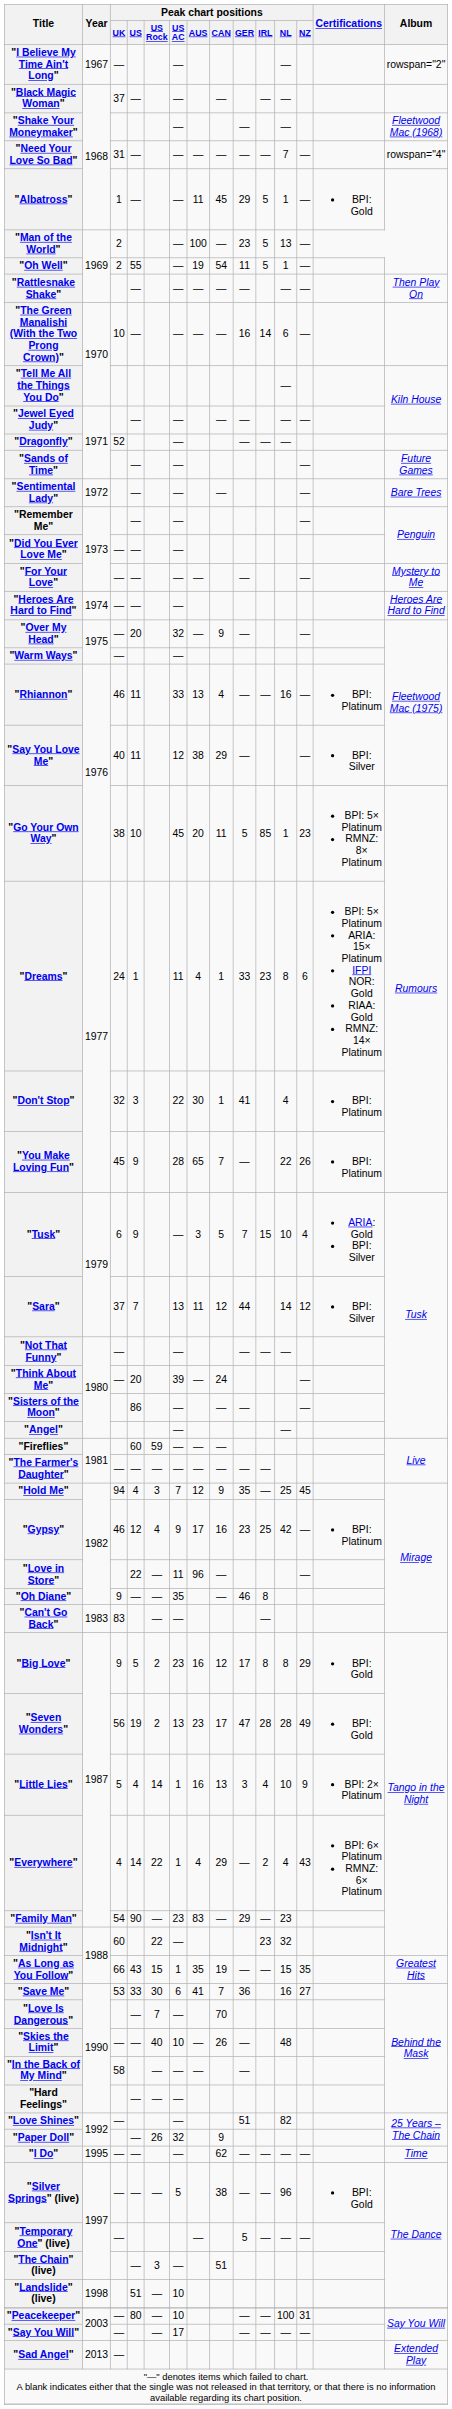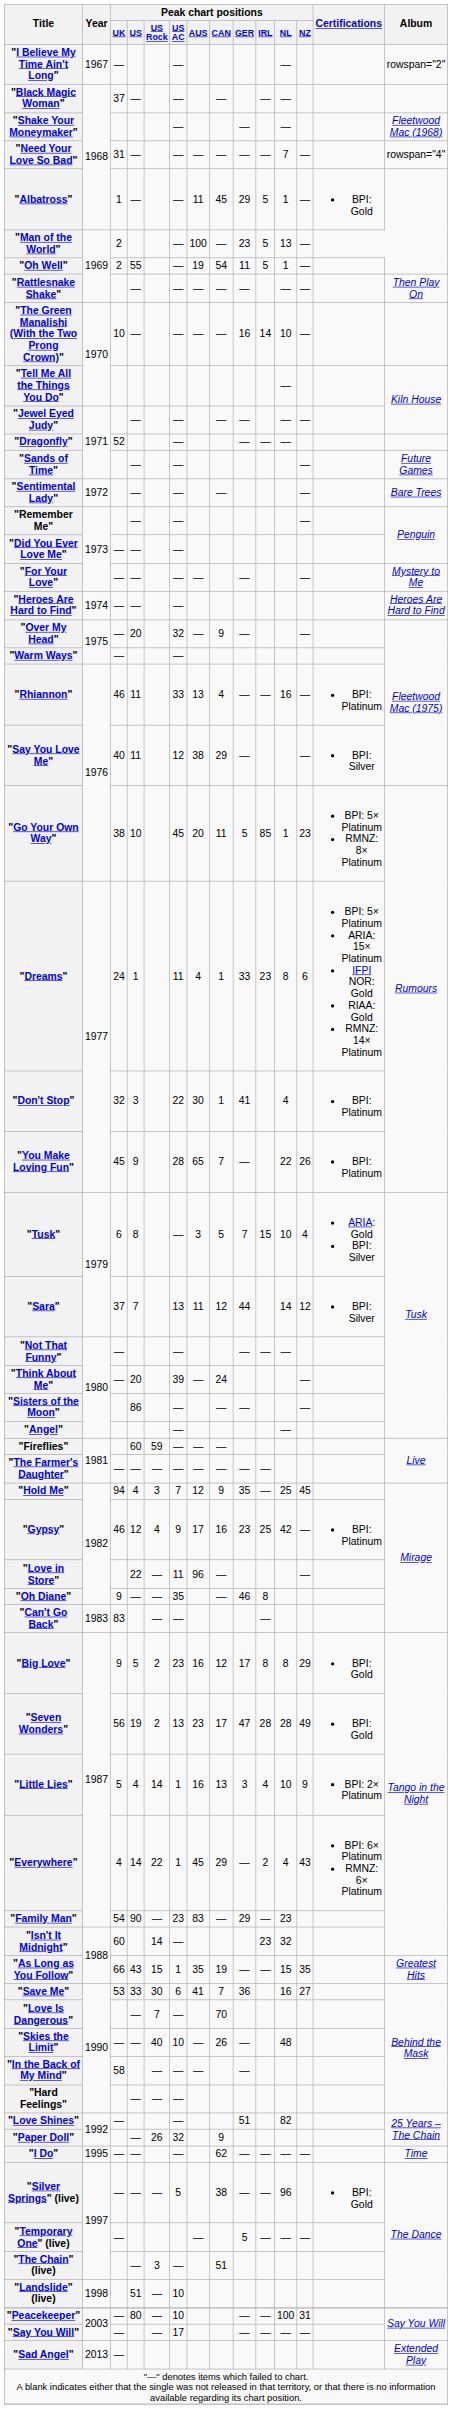 <table class="wikitable plainrowheaders" style="text-align:center;">
 <tr>
 <th scope="col" rowspan="2" style="width:18em;">Title</th>
 <th scope="col" rowspan="2" style="width:2em;">Year</th>
 <th scope="col" colspan="10">Peak chart positions</th>
 <th scope="col" rowspan="2"><a href='#'>Certifications</a></th>
 <th scope="col" rowspan="2" style="width:15em;">Album</th>
 </tr>
 <tr>
 <th scope="col" style="width:2.5em; font-size:85%;"><a href='#'>UK</a><br></th>
 <th scope="col" style="width:2.5em; font-size:85%;"><a href='#'>US</a><br></th>
 <th scope="col" style="width:2.5em; font-size:85%;"><a href='#'>US Rock</a><br></th>
 <th scope="col" style="width:2.5em; font-size:85%;"><a href='#'>US AC</a><br></th>
 <th scope="col" style="width:2.5em; font-size:85%;"><a href='#'>AUS</a><br></th>
 <th scope="col" style="width:2.5em; font-size:85%;"><a href='#'>CAN</a><br></th>
 <th scope="col" style="width:2.5em; font-size:85%;"><a href='#'>GER</a><br></th>
 <th scope="col" style="width:2.5em; font-size:85%;"><a href='#'>IRL</a><br></th>
 <th scope="col" style="width:2.5em;font-size:85%;"><a href='#'>NL</a><br></th>
 <th scope="col" style="width:2.5em;font-size:85%;"><a href='#'>NZ</a><br></th>
 </tr>
 <tr>
 <th scope="row">"<a href='#'>I Believe My Time Ain't Long</a>"</th>
 <td>1967</td>
 <td>—</td>
 <td></td>
 <td></td>
 <td>—</td>
 <td></td>
 <td></td>
 <td></td>
 <td></td>
 <td>—</td>
 <td></td>
 <td></td>
 <td>rowspan="2" </td>
 </tr>
 <tr>
 <th scope="row">"<a href='#'>Black Magic Woman</a>"</th>
 <td rowspan="4">1968</td>
 <td>37</td>
 <td>—</td>
 <td></td>
 <td>—</td>
 <td></td>
 <td>—</td>
 <td></td>
 <td>—</td>
 <td>—</td>
 <td></td>
 <td></td>
 </tr>
 <tr>
 <th scope="row">"<a href='#'>Shake Your Moneymaker</a>"</th>
 <td></td>
 <td></td>
 <td></td>
 <td>—</td>
 <td></td>
 <td></td>
 <td>—</td>
 <td></td>
 <td>—</td>
 <td></td>
 <td></td>
 <td><em><a href='#'>Fleetwood Mac (1968)</a></em></td>
 </tr>
 <tr>
 <th scope="row">"<a href='#'>Need Your Love So Bad</a>"</th>
 <td>31</td>
 <td>—</td>
 <td></td>
 <td>—</td>
 <td>—</td>
 <td>—</td>
 <td>—</td>
 <td>—</td>
 <td>7</td>
 <td>—</td>
 <td></td>
 <td>rowspan="4" </td>
 </tr>
 <tr>
 <th scope="row">"<a href='#'>Albatross</a>"</th>
 <td>1</td>
 <td>—</td>
 <td></td>
 <td>—</td>
 <td>11</td>
 <td>45</td>
 <td>29</td>
 <td>5</td>
 <td>1</td>
 <td>—</td>
 <td><br><ul><li>BPI: Gold</li></ul></td>
 </tr>
 <tr>
 <th scope="row">"<a href='#'>Man of the World</a>"</th>
 <td rowspan="3">1969</td>
 <td>2</td>
 <td></td>
 <td></td>
 <td>—</td>
 <td>100</td>
 <td>—</td>
 <td>23</td>
 <td>5</td>
 <td>13</td>
 <td>—</td>
 </tr>
 <tr>
 <th scope="row">"<a href='#'>Oh Well</a>"</th>
 <td>2</td>
 <td>55</td>
 <td></td>
 <td>—</td>
 <td>19</td>
 <td>54</td>
 <td>11</td>
 <td>5</td>
 <td>1</td>
 <td>—</td>
 <td></td>
 </tr>
 <tr>
 <th scope="row">"<a href='#'>Rattlesnake Shake</a>"</th>
 <td></td>
 <td>—</td>
 <td></td>
 <td>—</td>
 <td>—</td>
 <td>—</td>
 <td>—</td>
 <td></td>
 <td>—</td>
 <td>—</td>
 <td></td>
 <td><em><a href='#'>Then Play On</a></em></td>
 </tr>
 <tr>
 <th scope="row">"<a href='#'>The Green Manalishi (With the Two Prong Crown)</a>"</th>
 <td rowspan="2">1970</td>
 <td>10</td>
 <td>—</td>
 <td></td>
 <td>—</td>
 <td>—</td>
 <td>—</td>
 <td>16</td>
 <td>14</td>
-<td>6</td>
+<td>10</td>
 <td>—</td>
 <td></td>
 <td></td>
 </tr>
 <tr>
 <th scope="row">"<a href='#'>Tell Me All the Things You Do</a>"</th>
 <td></td>
 <td></td>
 <td></td>
 <td></td>
 <td></td>
 <td></td>
 <td></td>
 <td></td>
 <td>—</td>
 <td></td>
 <td></td>
 <td rowspan="2"><em><a href='#'>Kiln House</a></em></td>
 </tr>
 <tr>
 <th scope="row">"<a href='#'>Jewel Eyed Judy</a>"</th>
 <td rowspan="3">1971</td>
 <td></td>
 <td>—</td>
 <td></td>
 <td>—</td>
 <td></td>
 <td>—</td>
 <td>—</td>
 <td></td>
 <td>—</td>
 <td>—</td>
 <td></td>
 </tr>
 <tr>
 <th scope="row">"<a href='#'>Dragonfly</a>"</th>
 <td>52</td>
 <td></td>
 <td></td>
 <td>—</td>
 <td></td>
 <td></td>
 <td>—</td>
 <td>—</td>
 <td>—</td>
 <td></td>
 <td></td>
 <td></td>
 </tr>
 <tr>
 <th scope="row">"<a href='#'>Sands of Time</a>"</th>
 <td></td>
 <td>—</td>
 <td></td>
 <td>—</td>
 <td></td>
 <td></td>
 <td></td>
 <td></td>
 <td></td>
 <td>—</td>
 <td></td>
 <td><em><a href='#'>Future Games</a></em></td>
 </tr>
 <tr>
 <th scope="row">"<a href='#'>Sentimental Lady</a>"</th>
 <td rowspan="1">1972</td>
 <td></td>
 <td>—</td>
 <td></td>
 <td>—</td>
 <td></td>
 <td>—</td>
 <td></td>
 <td></td>
 <td></td>
 <td>—</td>
 <td></td>
 <td rowspan="1"><em><a href='#'>Bare Trees</a></em></td>
 </tr>
 <tr>
 <th scope="row">"Remember Me"</th>
 <td rowspan="3">1973</td>
 <td></td>
 <td>—</td>
 <td></td>
 <td>—</td>
 <td></td>
 <td></td>
 <td></td>
 <td></td>
 <td></td>
 <td>—</td>
 <td></td>
 <td rowspan="2"><em><a href='#'>Penguin</a></em></td>
 </tr>
 <tr>
 <th scope="row">"<a href='#'>Did You Ever Love Me</a>"</th>
 <td>—</td>
 <td>—</td>
 <td></td>
 <td>—</td>
 <td></td>
 <td></td>
 <td></td>
 <td></td>
 <td></td>
 <td></td>
 <td></td>
 </tr>
 <tr>
 <th scope="row">"<a href='#'>For Your Love</a>"</th>
 <td>—</td>
 <td>—</td>
 <td></td>
 <td>—</td>
 <td>—</td>
 <td></td>
 <td>—</td>
 <td></td>
 <td></td>
 <td>—</td>
 <td></td>
 <td><em><a href='#'>Mystery to Me</a></em></td>
 </tr>
 <tr>
 <th scope="row">"<a href='#'>Heroes Are Hard to Find</a>"</th>
 <td>1974</td>
 <td>—</td>
 <td>—</td>
 <td></td>
 <td>—</td>
 <td></td>
 <td></td>
 <td></td>
 <td></td>
 <td></td>
 <td></td>
 <td></td>
 <td><em><a href='#'>Heroes Are Hard to Find</a></em></td>
 </tr>
 <tr>
 <th scope="row">"<a href='#'>Over My Head</a>"</th>
 <td rowspan="2">1975</td>
 <td>—</td>
 <td>20</td>
 <td></td>
 <td>32</td>
 <td>—</td>
 <td>9</td>
 <td>—</td>
 <td></td>
 <td></td>
 <td>—</td>
 <td></td>
 <td rowspan="4"><em><a href='#'>Fleetwood Mac (1975)</a></em></td>
 </tr>
 <tr>
 <th scope="row">"<a href='#'>Warm Ways</a>"</th>
 <td>—</td>
 <td></td>
 <td></td>
 <td>—</td>
 <td></td>
 <td></td>
 <td></td>
 <td></td>
 <td></td>
 <td></td>
 <td></td>
 </tr>
 <tr>
 <th scope="row">"<a href='#'>Rhiannon</a>"</th>
 <td rowspan="3">1976</td>
 <td>46</td>
 <td>11</td>
 <td></td>
 <td>33</td>
 <td>13</td>
 <td>4</td>
 <td>—</td>
 <td>—</td>
 <td>16</td>
 <td>—</td>
 <td><br><ul><li>BPI: Platinum</li></ul></td>
 </tr>
 <tr>
 <th scope="row">"<a href='#'>Say You Love Me</a>"</th>
 <td>40</td>
 <td>11</td>
 <td></td>
 <td>12</td>
 <td>38</td>
 <td>29</td>
 <td>—</td>
 <td></td>
 <td></td>
 <td>—</td>
 <td><br><ul><li>BPI: Silver</li></ul></td>
 </tr>
 <tr>
 <th scope="row">"<a href='#'>Go Your Own Way</a>"</th>
 <td>38</td>
 <td>10</td>
 <td></td>
 <td>45</td>
 <td>20</td>
 <td>11</td>
 <td>5</td>
 <td>85</td>
 <td>1</td>
 <td>23</td>
 <td><br><ul><li>BPI: 5× Platinum</li><li>RMNZ: 8× Platinum</li></ul></td>
 <td rowspan="4"><em><a href='#'>Rumours</a></em></td>
 </tr>
 <tr>
 <th scope="row">"<a href='#'>Dreams</a>"</th>
 <td rowspan="3">1977</td>
 <td>24</td>
 <td>1</td>
 <td></td>
 <td>11</td>
 <td>4</td>
 <td>1</td>
 <td>33</td>
 <td>23</td>
 <td>8</td>
 <td>6</td>
 <td><br><ul><li>BPI: 5× Platinum</li><li>ARIA: 15× Platinum</li><li><a href='#'>IFPI</a> NOR: Gold</li><li>RIAA: Gold</li><li>RMNZ: 14× Platinum</li></ul></td>
 </tr>
 <tr>
 <th scope="row">"<a href='#'>Don't Stop</a>"</th>
 <td>32</td>
 <td>3</td>
 <td></td>
 <td>22</td>
 <td>30</td>
 <td>1</td>
 <td>41</td>
 <td></td>
 <td>4</td>
 <td></td>
 <td><br><ul><li>BPI: Platinum</li></ul></td>
 </tr>
 <tr>
 <th scope="row">"<a href='#'>You Make Loving Fun</a>"</th>
 <td>45</td>
 <td>9</td>
 <td></td>
 <td>28</td>
 <td>65</td>
 <td>7</td>
 <td>—</td>
 <td></td>
 <td>22</td>
 <td>26</td>
 <td><br><ul><li>BPI: Platinum</li></ul></td>
 </tr>
 <tr>
 <th scope="row">"<a href='#'>Tusk</a>"</th>
 <td rowspan="2">1979</td>
 <td>6</td>
-<td>9</td>
+<td>8</td>
 <td></td>
 <td>—</td>
 <td>3</td>
 <td>5</td>
 <td>7</td>
 <td>15</td>
 <td>10</td>
 <td>4</td>
 <td><br><ul><li><a href='#'>ARIA</a>: Gold</li><li>BPI: Silver</li></ul></td>
 <td rowspan="6"><em><a href='#'>Tusk</a></em></td>
 </tr>
 <tr>
 <th scope="row">"<a href='#'>Sara</a>"</th>
 <td>37</td>
 <td>7</td>
 <td></td>
 <td>13</td>
 <td>11</td>
 <td>12</td>
 <td>44</td>
 <td></td>
 <td>14</td>
 <td>12</td>
 <td><br><ul><li>BPI: Silver</li></ul></td>
 </tr>
 <tr>
 <th scope="row">"<a href='#'>Not That Funny</a>"</th>
 <td rowspan="4">1980</td>
 <td>—</td>
 <td></td>
 <td></td>
 <td>—</td>
 <td></td>
 <td></td>
 <td>—</td>
 <td>—</td>
 <td>—</td>
 <td></td>
 <td></td>
 </tr>
 <tr>
 <th scope="row">"<a href='#'>Think About Me</a>"</th>
 <td>—</td>
 <td>20</td>
 <td></td>
 <td>39</td>
 <td>—</td>
 <td>24</td>
 <td></td>
 <td></td>
 <td></td>
 <td>—</td>
 <td></td>
 </tr>
 <tr>
 <th scope="row">"<a href='#'>Sisters of the Moon</a>"</th>
 <td></td>
 <td>86</td>
 <td></td>
 <td>—</td>
 <td></td>
 <td>—</td>
 <td>—</td>
 <td></td>
 <td></td>
 <td>—</td>
 <td></td>
 </tr>
 <tr>
 <th scope="row">"<a href='#'>Angel</a>"</th>
 <td></td>
 <td></td>
 <td></td>
 <td>—</td>
 <td></td>
 <td></td>
 <td></td>
 <td></td>
 <td>—</td>
 <td></td>
 <td></td>
 </tr>
 <tr>
 <th scope="row">"Fireflies"</th>
 <td rowspan="2">1981</td>
 <td></td>
 <td>60</td>
 <td>59</td>
 <td>—</td>
 <td>—</td>
 <td>—</td>
 <td></td>
 <td></td>
 <td></td>
 <td></td>
 <td></td>
 <td rowspan="2"><em><a href='#'>Live</a></em></td>
 </tr>
 <tr>
 <th scope="row">"<a href='#'>The Farmer's Daughter</a>"</th>
 <td>—</td>
 <td>—</td>
 <td>—</td>
 <td>—</td>
 <td>—</td>
 <td>—</td>
 <td>—</td>
 <td>—</td>
 <td></td>
 <td></td>
 <td></td>
 </tr>
 <tr>
 <th scope="row">"<a href='#'>Hold Me</a>"</th>
 <td rowspan="4">1982</td>
 <td>94</td>
 <td>4</td>
 <td>3</td>
 <td>7</td>
 <td>12</td>
 <td>9</td>
 <td>35</td>
 <td>—</td>
 <td>25</td>
 <td>45</td>
 <td></td>
 <td rowspan="5"><em><a href='#'>Mirage</a></em></td>
 </tr>
 <tr>
 <th scope="row">"<a href='#'>Gypsy</a>"</th>
 <td>46</td>
 <td>12</td>
 <td>4</td>
 <td>9</td>
 <td>17</td>
 <td>16</td>
 <td>23</td>
 <td>25</td>
 <td>42</td>
 <td>—</td>
 <td><br><ul><li>BPI: Platinum</li></ul></td>
 </tr>
 <tr>
 <th scope="row">"<a href='#'>Love in Store</a>"</th>
 <td></td>
 <td>22</td>
 <td>—</td>
 <td>11</td>
 <td>96</td>
 <td>—</td>
 <td></td>
 <td></td>
 <td></td>
 <td>—</td>
 <td></td>
 </tr>
 <tr>
 <th scope="row">"<a href='#'>Oh Diane</a>"</th>
 <td>9</td>
 <td>—</td>
 <td>—</td>
 <td>35</td>
 <td></td>
 <td>—</td>
 <td>46</td>
 <td>8</td>
 <td></td>
 <td></td>
 <td></td>
 </tr>
 <tr>
 <th scope="row">"<a href='#'>Can't Go Back</a>"</th>
 <td>1983</td>
 <td>83</td>
 <td></td>
 <td>—</td>
 <td>—</td>
 <td></td>
 <td></td>
 <td></td>
 <td>—</td>
 <td></td>
 <td></td>
 <td></td>
 </tr>
 <tr>
 <th scope="row">"<a href='#'>Big Love</a>"</th>
 <td rowspan="5">1987</td>
 <td>9</td>
 <td>5</td>
 <td>2</td>
 <td>23</td>
 <td>16</td>
 <td>12</td>
 <td>17</td>
 <td>8</td>
 <td>8</td>
 <td>29</td>
 <td><br><ul><li>BPI: Gold</li></ul></td>
 <td rowspan="6"><em><a href='#'>Tango in the Night</a></em></td>
 </tr>
 <tr>
 <th scope="row">"<a href='#'>Seven Wonders</a>"</th>
 <td>56</td>
 <td>19</td>
 <td>2</td>
 <td>13</td>
 <td>23</td>
 <td>17</td>
 <td>47</td>
 <td>28</td>
 <td>28</td>
 <td>49</td>
 <td><br><ul><li>BPI: Gold</li></ul></td>
 </tr>
 <tr>
 <th scope="row">"<a href='#'>Little Lies</a>"</th>
 <td>5</td>
 <td>4</td>
 <td>14</td>
 <td>1</td>
 <td>16</td>
 <td>13</td>
 <td>3</td>
 <td>4</td>
 <td>10</td>
 <td>9</td>
 <td><br><ul><li>BPI: 2× Platinum</li></ul></td>
 </tr>
 <tr>
 <th scope="row">"<a href='#'>Everywhere</a>"</th>
 <td>4</td>
 <td>14</td>
 <td>22</td>
 <td>1</td>
-<td>4</td>
+<td>45</td>
 <td>29</td>
 <td>—</td>
 <td>2</td>
 <td>4</td>
 <td>43</td>
 <td><br><ul><li>BPI: 6× Platinum</li><li>RMNZ: 6× Platinum</li></ul></td>
 </tr>
 <tr>
 <th scope="row">"<a href='#'>Family Man</a>"</th>
 <td>54</td>
 <td>90</td>
 <td>—</td>
 <td>23</td>
 <td>83</td>
 <td>—</td>
 <td>29</td>
 <td>—</td>
 <td>23</td>
 <td></td>
 <td></td>
 </tr>
 <tr>
 <th scope="row">"<a href='#'>Isn't It Midnight</a>"</th>
 <td rowspan="2">1988</td>
 <td>60</td>
 <td></td>
-<td>22</td>
+<td>14</td>
 <td>—</td>
 <td></td>
 <td></td>
 <td></td>
 <td>23</td>
 <td>32</td>
 <td></td>
 <td></td>
 </tr>
 <tr>
 <th scope="row">"<a href='#'>As Long as You Follow</a>"</th>
 <td>66</td>
 <td>43</td>
 <td>15</td>
 <td>1</td>
 <td>35</td>
 <td>19</td>
 <td>—</td>
 <td>—</td>
 <td>15</td>
 <td>35</td>
 <td></td>
 <td><em><a href='#'>Greatest Hits</a></em></td>
 </tr>
 <tr>
 <th scope="row">"<a href='#'>Save Me</a>"</th>
 <td rowspan="5">1990</td>
 <td>53</td>
 <td>33</td>
 <td>30</td>
 <td>6</td>
 <td>41</td>
 <td>7</td>
 <td>36</td>
 <td></td>
 <td>16</td>
 <td>27</td>
 <td></td>
 <td rowspan="5"><em><a href='#'>Behind the Mask</a></em></td>
 </tr>
 <tr>
 <th scope="row">"<a href='#'>Love Is Dangerous</a>"</th>
 <td></td>
 <td>—</td>
 <td>7</td>
 <td>—</td>
 <td></td>
 <td>70</td>
 <td></td>
 <td></td>
 <td></td>
 <td></td>
 <td></td>
 </tr>
 <tr>
 <th scope="row">"<a href='#'>Skies the Limit</a>"</th>
 <td>—</td>
 <td>—</td>
 <td>40</td>
 <td>10</td>
 <td>—</td>
 <td>26</td>
 <td>—</td>
 <td></td>
 <td>48</td>
 <td></td>
 <td></td>
 </tr>
 <tr>
 <th scope="row">"<a href='#'>In the Back of My Mind</a>"</th>
 <td>58</td>
 <td></td>
 <td>—</td>
 <td>—</td>
 <td>—</td>
 <td></td>
 <td>—</td>
 <td></td>
 <td></td>
 <td></td>
 <td></td>
 </tr>
 <tr>
 <th scope="row">"Hard Feelings"</th>
 <td></td>
 <td>—</td>
 <td>—</td>
 <td>—</td>
 <td></td>
 <td></td>
 <td></td>
 <td></td>
 <td></td>
 <td></td>
 <td></td>
 </tr>
 <tr>
 <th scope="row">"<a href='#'>Love Shines</a>"</th>
 <td rowspan="2">1992</td>
 <td>—</td>
 <td></td>
 <td></td>
 <td>—</td>
 <td></td>
 <td></td>
 <td>51</td>
 <td></td>
 <td>82</td>
 <td></td>
 <td></td>
 <td rowspan="2"><em><a href='#'>25 Years – The Chain</a></em></td>
 </tr>
 <tr>
 <th scope="row">"<a href='#'>Paper Doll</a>"</th>
 <td></td>
 <td>—</td>
 <td>26</td>
 <td>32</td>
 <td></td>
 <td>9</td>
 <td></td>
 <td></td>
 <td></td>
 <td></td>
 <td></td>
 </tr>
 <tr>
 <th scope="row">"<a href='#'>I Do</a>"</th>
 <td>1995</td>
 <td>—</td>
 <td>—</td>
 <td></td>
 <td>—</td>
 <td></td>
 <td>62</td>
 <td>—</td>
 <td>—</td>
 <td>—</td>
 <td>—</td>
 <td></td>
 <td><em><a href='#'>Time</a></em></td>
 </tr>
 <tr>
 <th scope="row">"<a href='#'>Silver Springs</a>" (live)</th>
 <td rowspan="3">1997</td>
 <td>—</td>
 <td>—</td>
 <td>—</td>
 <td>5</td>
 <td></td>
 <td>38</td>
 <td>—</td>
 <td>—</td>
 <td>96</td>
 <td —></td>
 <td><br><ul><li>BPI: Gold</li></ul></td>
 <td rowspan="4"><em><a href='#'>The Dance</a></em></td>
 </tr>
 <tr>
 <th scope="row">"<a href='#'>Temporary One</a>" (live)</th>
 <td>—</td>
 <td></td>
 <td></td>
 <td></td>
 <td>—</td>
 <td></td>
 <td>5</td>
 <td>—</td>
 <td>—</td>
 <td>—</td>
 <td></td>
 </tr>
 <tr>
 <th scope="row">"<a href='#'>The Chain</a>" (live)</th>
 <td></td>
 <td>—</td>
 <td>3</td>
 <td>—</td>
 <td></td>
 <td>51</td>
 <td></td>
 <td></td>
 <td></td>
 <td></td>
 <td></td>
 </tr>
 <tr>
 <th scope="row">"<a href='#'>Landslide</a>" (live)</th>
 <td>1998</td>
 <td></td>
 <td>51</td>
 <td>—</td>
 <td>10</td>
 <td></td>
 <td></td>
 <td></td>
 <td></td>
 <td></td>
 <td></td>
 <td></td>
 </tr>
 <tr>
 </tr>
 <tr>
 <th scope="row">"<a href='#'>Peacekeeper</a>"</th>
 <td rowspan="2">2003</td>
 <td>—</td>
 <td>80</td>
 <td>—</td>
 <td>10</td>
 <td></td>
 <td></td>
 <td>—</td>
 <td>—</td>
 <td>100</td>
 <td>31</td>
 <td></td>
 <td rowspan="2"><em><a href='#'>Say You Will</a></em></td>
 </tr>
 <tr>
 <th scope="row">"<a href='#'>Say You Will</a>"</th>
 <td>—</td>
 <td></td>
 <td>—</td>
 <td>17</td>
 <td></td>
 <td></td>
 <td>—</td>
 <td>—</td>
 <td>—</td>
 <td>—</td>
 <td></td>
 </tr>
 <tr>
 <th scope="row">"<a href='#'>Sad Angel</a>"</th>
 <td>2013</td>
 <td>—</td>
 <td></td>
 <td></td>
 <td></td>
 <td></td>
 <td></td>
 <td></td>
 <td></td>
 <td></td>
 <td></td>
 <td></td>
 <td><em><a href='#'>Extended Play</a></em></td>
 </tr>
 <tr>
 <td colspan="14" align="center" style="font-size:90%;">"—" denotes items which failed to chart. <br>A blank indicates either that the single was not released in that territory, or that there is no information available regarding its chart position.</td>
 </tr>
 <tr>
 </tr>
 </table>
